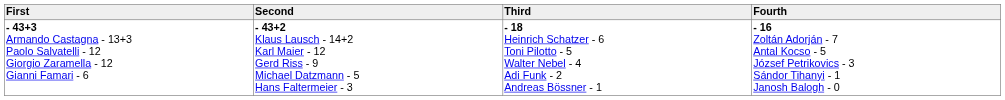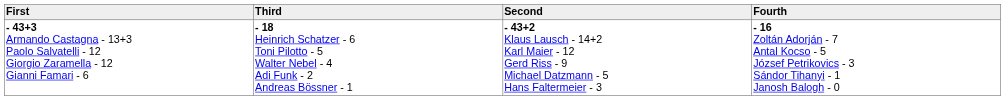 <table border=1 cellpadding=2 cellspacing=0 width=75% style="border-collapse:collapse">
 <tr align=left style="background:#efefef;">
 <th width=20%>First</th>
+<th width=20%>Third</th>
 <th width=20%>Second</th>
-<th width=20%>Third</th>
 <th width=20%>Fourth</th>
 </tr>
 <tr align=left>
 <td valign=top><strong> - 43+3</strong><br><a href='#'>Armando Castagna</a> - 13+3 <br><a href='#'>Paolo Salvatelli</a> - 12 <br><a href='#'>Giorgio Zaramella</a> - 12 <br><a href='#'>Gianni Famari</a> - 6</td>
+<td valign=top><strong> - 18</strong><br><a href='#'>Heinrich Schatzer</a> - 6 <br><a href='#'>Toni Pilotto</a> - 5 <br><a href='#'>Walter Nebel</a> - 4 <br><a href='#'>Adi Funk</a> - 2 <br><a href='#'>Andreas Bössner</a> - 1</td>
 <td valign=top><strong> - 43+2</strong><br><a href='#'>Klaus Lausch</a> - 14+2 <br><a href='#'>Karl Maier</a> - 12 <br><a href='#'>Gerd Riss</a> - 9 <br><a href='#'>Michael Datzmann</a> - 5 <br><a href='#'>Hans Faltermeier</a> - 3</td>
-<td valign=top><strong> - 18</strong><br><a href='#'>Heinrich Schatzer</a> - 6 <br><a href='#'>Toni Pilotto</a> - 5 <br><a href='#'>Walter Nebel</a> - 4 <br><a href='#'>Adi Funk</a> - 2 <br><a href='#'>Andreas Bössner</a> - 1</td>
 <td valign=top><strong> - 16</strong><br><a href='#'>Zoltán Adorján</a> - 7 <br><a href='#'>Antal Kocso</a> - 5 <br><a href='#'>József Petrikovics</a> - 3 <br><a href='#'>Sándor Tihanyi</a> - 1 <br><a href='#'>Janosh Balogh</a> - 0</td>
 </tr>
 </table>
